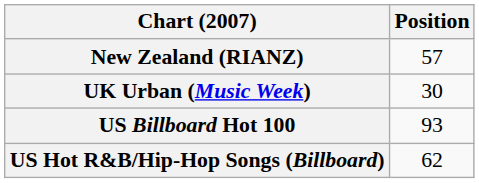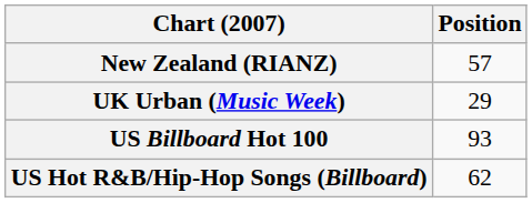 <table class="wikitable sortable plainrowheaders" style="text-align:center">
 <tr>
 <th scope="col">Chart (2007)</th>
 <th scope="col">Position</th>
 </tr>
 <tr>
 <th scope="row">New Zealand (RIANZ)</th>
 <td style="text-align:center;">57</td>
 </tr>
 <tr>
 <th scope="row">UK Urban (<em><a href='#'>Music Week</a></em>)</th>
-<td align="center">30</td>
+<td align="center">29</td>
 </tr>
 <tr>
 <th scope="row">US <em>Billboard</em> Hot 100</th>
 <td style="text-align:center;">93</td>
 </tr>
 <tr>
 <th scope="row">US Hot R&B/Hip-Hop Songs (<em>Billboard</em>)</th>
 <td>62</td>
 </tr>
 </table>
